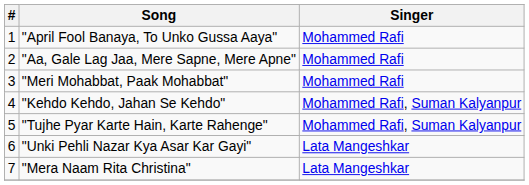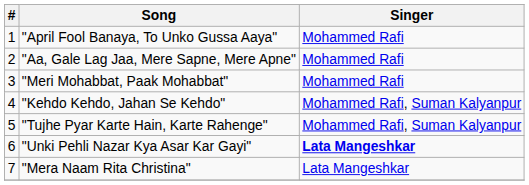 <table class="wikitable" style="font-size:95%;">
 <tr>
 <th>#</th>
 <th>Song</th>
 <th>Singer</th>
 </tr>
 <tr>
 <td>1</td>
 <td>"April Fool Banaya, To Unko Gussa Aaya"</td>
 <td><a href='#'>Mohammed Rafi</a></td>
 </tr>
 <tr>
 <td>2</td>
 <td>"Aa, Gale Lag Jaa, Mere Sapne, Mere Apne"</td>
 <td><a href='#'>Mohammed Rafi</a></td>
 </tr>
 <tr>
 <td>3</td>
 <td>"Meri Mohabbat, Paak Mohabbat"</td>
 <td><a href='#'>Mohammed Rafi</a></td>
 </tr>
 <tr>
 <td>4</td>
 <td>"Kehdo Kehdo, Jahan Se Kehdo"</td>
 <td><a href='#'>Mohammed Rafi</a>, <a href='#'>Suman Kalyanpur</a></td>
 </tr>
 <tr>
 <td>5</td>
 <td>"Tujhe Pyar Karte Hain, Karte Rahenge"</td>
 <td><a href='#'>Mohammed Rafi</a>, <a href='#'>Suman Kalyanpur</a></td>
 </tr>
 <tr>
 <td>6</td>
 <td>"Unki Pehli Nazar Kya Asar Kar Gayi"</td>
-<td><a href='#'>Lata Mangeshkar</a></td>
+<td><strong><a href='#'>Lata Mangeshkar</a></strong></td>
 </tr>
 <tr>
 <td>7</td>
 <td>"Mera Naam Rita Christina"</td>
 <td><a href='#'>Lata Mangeshkar</a></td>
 </tr>
 <tr>
 </tr>
 </table>
